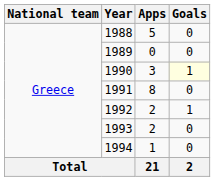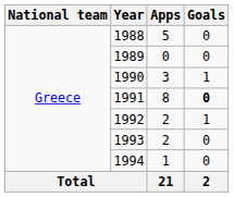 <table class="wikitable" style="text-align:center">
 <tr>
 <th>National team</th>
 <th>Year</th>
 <th>Apps</th>
 <th>Goals</th>
 </tr>
 <tr>
 <td rowspan="7"><a href='#'>Greece</a></td>
 <td>1988</td>
 <td>5</td>
 <td>0</td>
 </tr>
 <tr>
 <td>1989</td>
 <td>0</td>
 <td>0</td>
 </tr>
 <tr>
 <td>1990</td>
 <td>3</td>
-<td style="background: lightyellow;">1</td>
+<td>1</td>
 </tr>
 <tr>
 <td>1991</td>
 <td>8</td>
-<td>0</td>
+<td><strong>0</strong></td>
 </tr>
 <tr>
 <td>1992</td>
 <td>2</td>
 <td>1</td>
 </tr>
 <tr>
 <td>1993</td>
 <td>2</td>
 <td>0</td>
 </tr>
 <tr>
 <td>1994</td>
 <td>1</td>
 <td>0</td>
 </tr>
 <tr>
 <th colspan="2">Total</th>
 <th>21</th>
 <th>2</th>
 </tr>
 </table>
